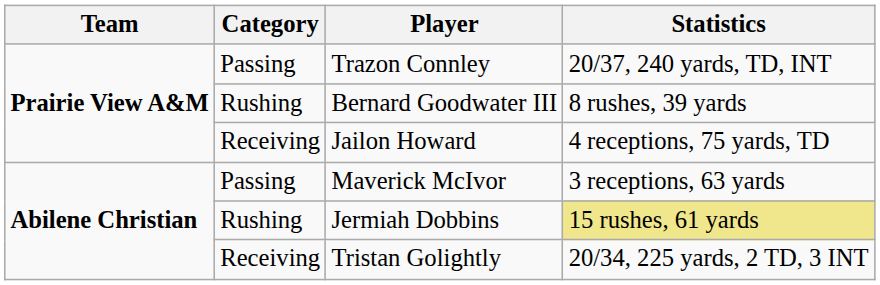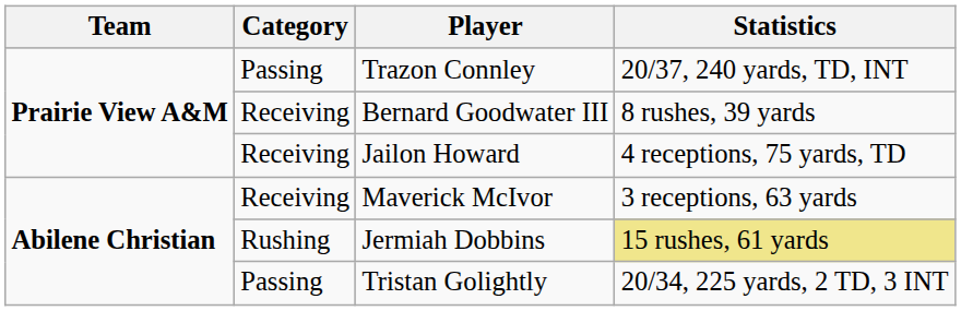 <table class="wikitable" style="float: left;">
 <tr>
 <th>Team</th>
 <th>Category</th>
 <th>Player</th>
 <th>Statistics</th>
 </tr>
 <tr>
 <td rowspan=3><strong>Prairie View A&M</strong></td>
 <td>Passing</td>
 <td>Trazon Connley</td>
 <td>20/37, 240 yards, TD, INT</td>
 </tr>
 <tr>
-<td>Rushing</td>
+<td>Receiving</td>
 <td>Bernard Goodwater III</td>
 <td>8 rushes, 39 yards</td>
 </tr>
 <tr>
 <td>Receiving</td>
 <td>Jailon Howard</td>
 <td>4 receptions, 75 yards, TD</td>
 </tr>
 <tr>
 <td rowspan=3><strong>Abilene Christian</strong></td>
-<td>Passing</td>
+<td>Receiving</td>
 <td>Maverick McIvor</td>
 <td>3 receptions, 63 yards</td>
 </tr>
 <tr>
 <td>Rushing</td>
 <td>Jermiah Dobbins</td>
 <td style="background: khaki;">15 rushes, 61 yards</td>
 </tr>
 <tr>
-<td>Receiving</td>
+<td>Passing</td>
 <td>Tristan Golightly</td>
 <td>20/34, 225 yards, 2 TD, 3 INT</td>
 </tr>
 </table>
